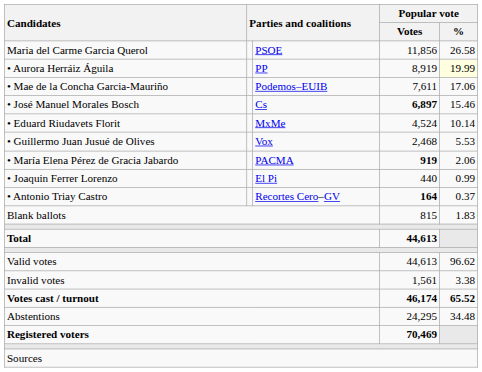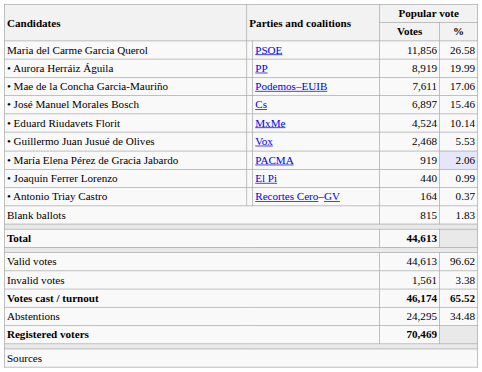 <table class="wikitable" style="text-align:right; font-size:95%;">
 <tr>
 <th style="text-align:left;" rowspan="2" width="325">Candidates</th>
 <th style="text-align:left;" rowspan="2" colspan="2" width="175">Parties and coalitions</th>
 <th colspan="2">Popular vote</th>
 </tr>
 <tr>
 <th width="75">Votes</th>
 <th width="45">%</th>
 </tr>
 <tr>
 <td align="left"> Maria del Carme Garcia Querol</td>
 <td width="1" style="color:inherit;background:"></td>
 <td align="left"><a href='#'>PSOE</a></td>
 <td>11,856</td>
 <td>26.58</td>
 </tr>
 <tr>
 <td align="left">• Aurora Herráiz Águila</td>
 <td style="color:inherit;background:"></td>
 <td align="left"><a href='#'>PP</a></td>
 <td>8,919</td>
-<td style="background: lightyellow;">19.99</td>
+<td>19.99</td>
 </tr>
 <tr>
 <td align="left">• Mae de la Concha Garcia-Mauriño</td>
 <td style="color:inherit;background:"></td>
 <td align="left"><a href='#'>Podemos–EUIB</a></td>
 <td>7,611</td>
 <td>17.06</td>
 </tr>
 <tr>
 <td align="left">• José Manuel Morales Bosch</td>
 <td style="color:inherit;background:"></td>
 <td align="left"><a href='#'>Cs</a></td>
-<td><strong>6,897</strong></td>
+<td>6,897</td>
 <td>15.46</td>
 </tr>
 <tr>
 <td align="left">• Eduard Riudavets Florit</td>
 <td style="color:inherit;background:"></td>
 <td align="left"><a href='#'>MxMe</a></td>
 <td>4,524</td>
 <td>10.14</td>
 </tr>
 <tr>
 <td align="left">• Guillermo Juan Jusué de Olives</td>
 <td style="color:inherit;background:"></td>
 <td align="left"><a href='#'>Vox</a></td>
 <td>2,468</td>
 <td>5.53</td>
 </tr>
 <tr>
 <td align="left">• María Elena Pérez de Gracia Jabardo</td>
 <td style="color:inherit;background:"></td>
 <td align="left"><a href='#'>PACMA</a></td>
-<td><strong>919</strong></td>
-<td>2.06</td>
+<td>919</td>
+<td style="background: lavender;">2.06</td>
 </tr>
 <tr>
 <td align="left">• Joaquin Ferrer Lorenzo</td>
 <td style="color:inherit;background:"></td>
 <td align="left"><a href='#'>El Pi</a></td>
 <td>440</td>
 <td>0.99</td>
 </tr>
 <tr>
 <td align="left">• Antonio Triay Castro</td>
 <td style="color:inherit;background:"></td>
 <td align="left"><a href='#'>Recortes Cero</a>–<a href='#'>GV</a></td>
-<td><strong>164</strong></td>
+<td>164</td>
 <td>0.37</td>
 </tr>
 <tr>
 <td align="left" colspan="3">Blank ballots</td>
 <td>815</td>
 <td>1.83</td>
 </tr>
 <tr>
 <td colspan="5" bgcolor="#E9E9E9"></td>
 </tr>
 <tr style="font-weight:bold;">
 <td align="left" colspan="3">Total</td>
 <td>44,613</td>
 <td bgcolor="#E9E9E9"></td>
 </tr>
 <tr>
 <td colspan="5" bgcolor="#E9E9E9"></td>
 </tr>
 <tr>
 <td align="left" colspan="3">Valid votes</td>
 <td>44,613</td>
 <td>96.62</td>
 </tr>
 <tr>
 <td align="left" colspan="3">Invalid votes</td>
 <td>1,561</td>
 <td>3.38</td>
 </tr>
 <tr style="font-weight:bold;">
 <td align="left" colspan="3">Votes cast / turnout</td>
 <td>46,174</td>
 <td>65.52</td>
 </tr>
 <tr>
 <td align="left" colspan="3">Abstentions</td>
 <td>24,295</td>
 <td>34.48</td>
 </tr>
 <tr style="font-weight:bold;">
 <td align="left" colspan="3">Registered voters</td>
 <td>70,469</td>
 <td bgcolor="#E9E9E9"></td>
 </tr>
 <tr>
 <td colspan="5" bgcolor="#E9E9E9"></td>
 </tr>
 <tr>
 <td align="left" colspan="5">Sources</td>
 </tr>
 </table>
